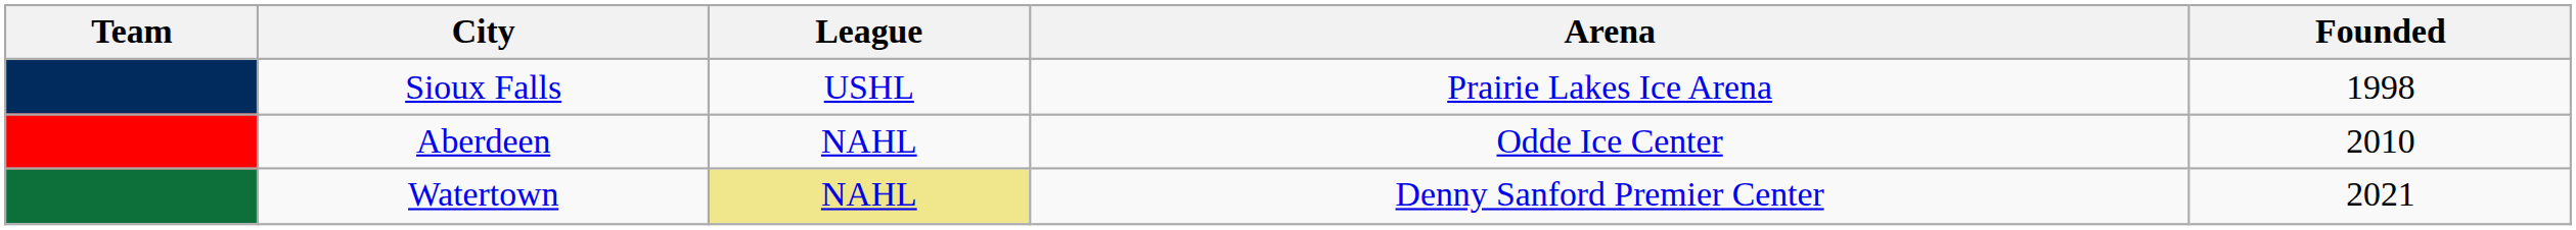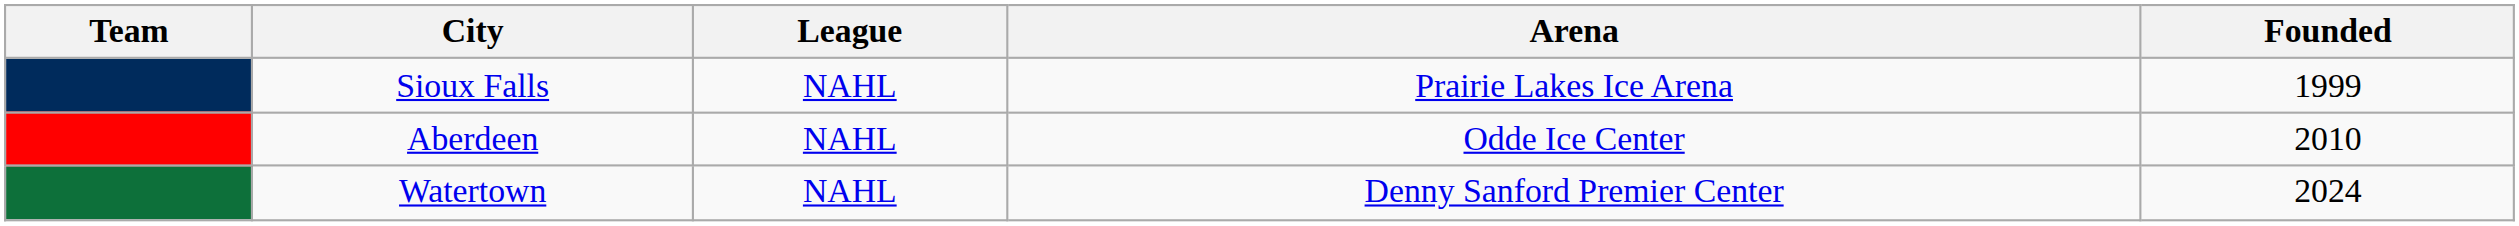 <table class="wikitable sortable" width="60%">
 <tr>
 <th>Team</th>
 <th>City</th>
 <th>League</th>
 <th>Arena</th>
 <th>Founded</th>
 </tr>
 <tr align=center>
 <td style="color:white; background:#002b5c; "><strong><a href='#'></a></strong></td>
 <td><a href='#'>Sioux Falls</a></td>
-<td><a href='#'>USHL</a></td>
+<td><a href='#'>NAHL</a></td>
 <td><a href='#'>Prairie Lakes Ice Arena</a></td>
-<td>1998</td>
+<td>1999</td>
 </tr>
 <tr align=center>
 <td style="color:black; background:#ff0000; "><strong><a href='#'></a></strong></td>
 <td><a href='#'>Aberdeen</a></td>
 <td><a href='#'>NAHL</a></td>
 <td><a href='#'>Odde Ice Center</a></td>
 <td>2010</td>
 </tr>
 <tr align=center>
 <td style="color:black; background:#0d703a"><strong><a href='#'></a></strong></td>
 <td><a href='#'>Watertown</a></td>
-<td style="background: khaki;"><a href='#'>NAHL</a></td>
+<td><a href='#'>NAHL</a></td>
 <td><a href='#'>Denny Sanford Premier Center</a></td>
-<td>2021</td>
+<td>2024</td>
 </tr>
 </table>
